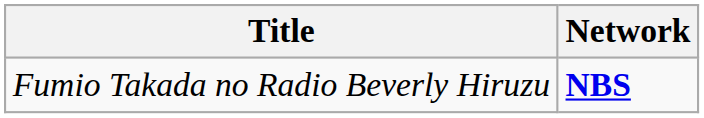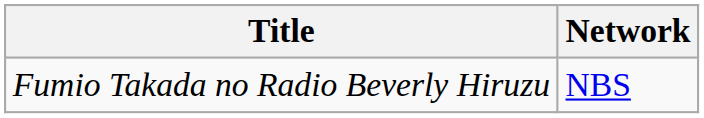 <table class="wikitable">
 <tr>
 <th>Title</th>
 <th>Network</th>
 </tr>
 <tr>
 <td><em>Fumio Takada no Radio Beverly Hiruzu</em></td>
-<td><strong><a href='#'>NBS</a></strong></td>
+<td><a href='#'>NBS</a></td>
 </tr>
 </table>
